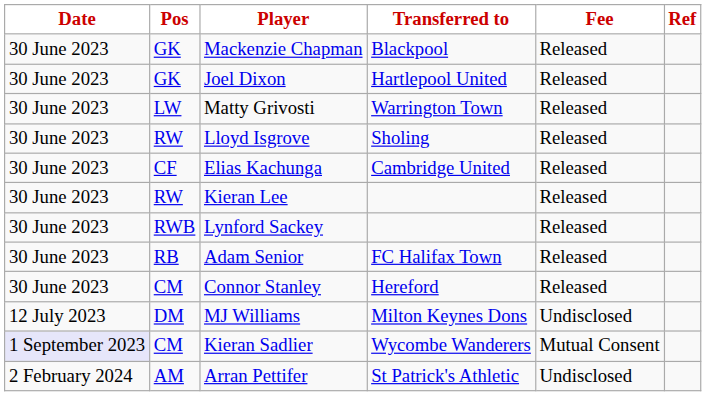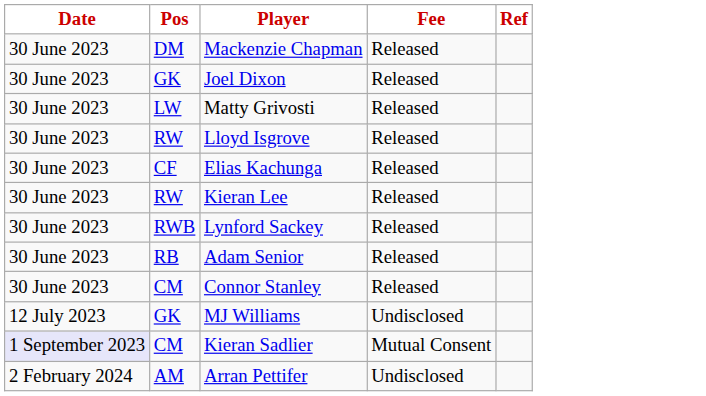 <table class="wikitable plainrowheaders sortable">
 <tr>
 <th style="background:#ffffff;color:#cc0000;">Date</th>
 <th style="background:#ffffff;color:#cc0000;">Pos</th>
 <th style="background:#ffffff;color:#cc0000;">Player</th>
-<th style="background:#ffffff;color:#cc0000;">Transferred to</th>
 <th style="background:#ffffff;color:#cc0000;">Fee</th>
 <th style="background:#ffffff;color:#cc0000;">Ref</th>
 </tr>
 <tr>
 <td>30 June 2023</td>
-<td><a href='#'>GK</a></td>
+<td><a href='#'>DM</a></td>
 <td> <a href='#'>Mackenzie Chapman</a></td>
-<td> <a href='#'>Blackpool</a></td>
 <td>Released</td>
 <td></td>
 </tr>
 <tr>
 <td>30 June 2023</td>
 <td><a href='#'>GK</a></td>
 <td> <a href='#'>Joel Dixon</a></td>
-<td> <a href='#'>Hartlepool United</a></td>
 <td>Released</td>
 <td></td>
 </tr>
 <tr>
 <td>30 June 2023</td>
 <td><a href='#'>LW</a></td>
 <td> Matty Grivosti</td>
-<td> <a href='#'>Warrington Town</a></td>
 <td>Released</td>
 <td></td>
 </tr>
 <tr>
 <td>30 June 2023</td>
 <td><a href='#'>RW</a></td>
 <td> <a href='#'>Lloyd Isgrove</a></td>
-<td> <a href='#'>Sholing</a></td>
 <td>Released</td>
 <td></td>
 </tr>
 <tr>
 <td>30 June 2023</td>
 <td><a href='#'>CF</a></td>
 <td> <a href='#'>Elias Kachunga</a></td>
-<td> <a href='#'>Cambridge United</a></td>
 <td>Released</td>
 <td></td>
 </tr>
 <tr>
 <td>30 June 2023</td>
 <td><a href='#'>RW</a></td>
 <td> <a href='#'>Kieran Lee</a></td>
-<td></td>
 <td>Released</td>
 <td></td>
 </tr>
 <tr>
 <td>30 June 2023</td>
 <td><a href='#'>RWB</a></td>
 <td> <a href='#'>Lynford Sackey</a></td>
-<td></td>
 <td>Released</td>
 <td></td>
 </tr>
 <tr>
 <td>30 June 2023</td>
 <td><a href='#'>RB</a></td>
 <td> <a href='#'>Adam Senior</a></td>
-<td> <a href='#'>FC Halifax Town</a></td>
 <td>Released</td>
 <td></td>
 </tr>
 <tr>
 <td>30 June 2023</td>
 <td><a href='#'>CM</a></td>
 <td> <a href='#'>Connor Stanley</a></td>
-<td> <a href='#'>Hereford</a></td>
 <td>Released</td>
 <td></td>
 </tr>
 <tr>
 <td>12 July 2023</td>
-<td><a href='#'>DM</a></td>
+<td><a href='#'>GK</a></td>
 <td> <a href='#'>MJ Williams</a></td>
-<td> <a href='#'>Milton Keynes Dons</a></td>
 <td>Undisclosed</td>
 <td></td>
 </tr>
 <tr>
 <td style="background: lavender;">1 September 2023</td>
 <td><a href='#'>CM</a></td>
 <td> <a href='#'>Kieran Sadlier</a></td>
-<td> <a href='#'>Wycombe Wanderers</a></td>
 <td>Mutual Consent</td>
 <td></td>
 </tr>
 <tr>
 <td>2 February 2024</td>
 <td><a href='#'>AM</a></td>
 <td> <a href='#'>Arran Pettifer</a></td>
-<td> <a href='#'>St Patrick's Athletic</a></td>
 <td>Undisclosed</td>
 <td></td>
 </tr>
 </table>
